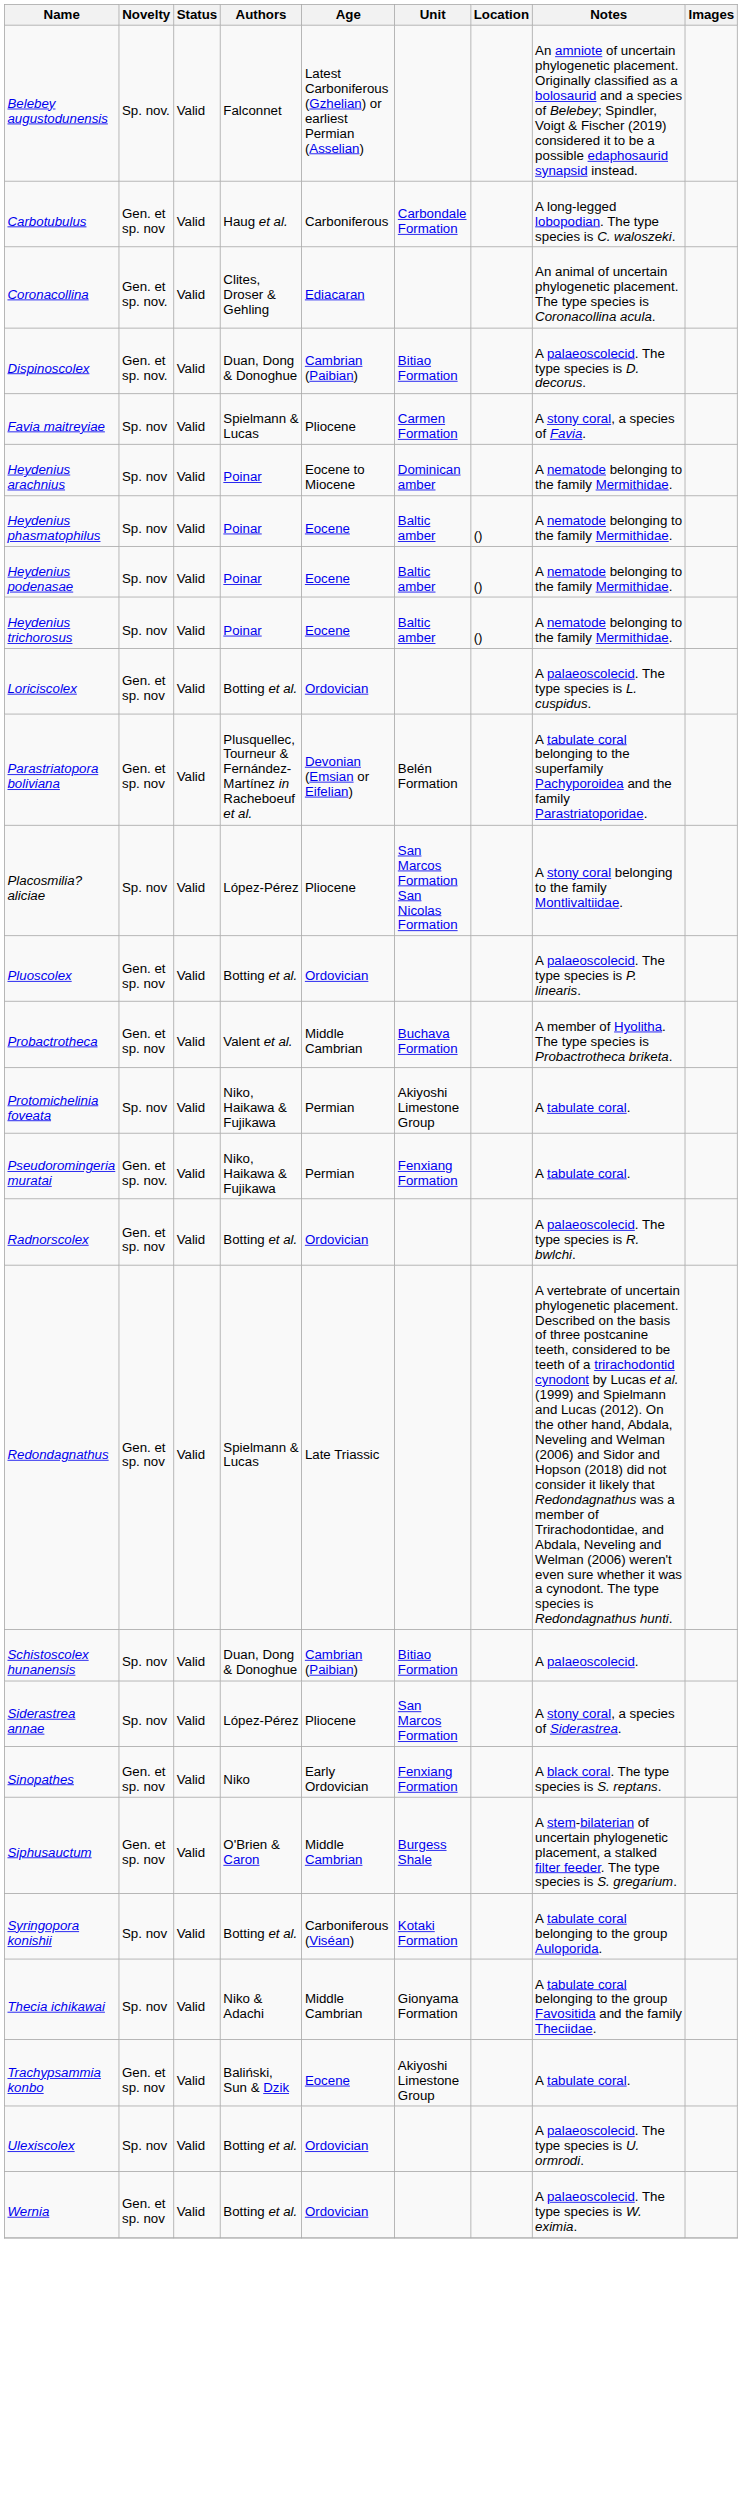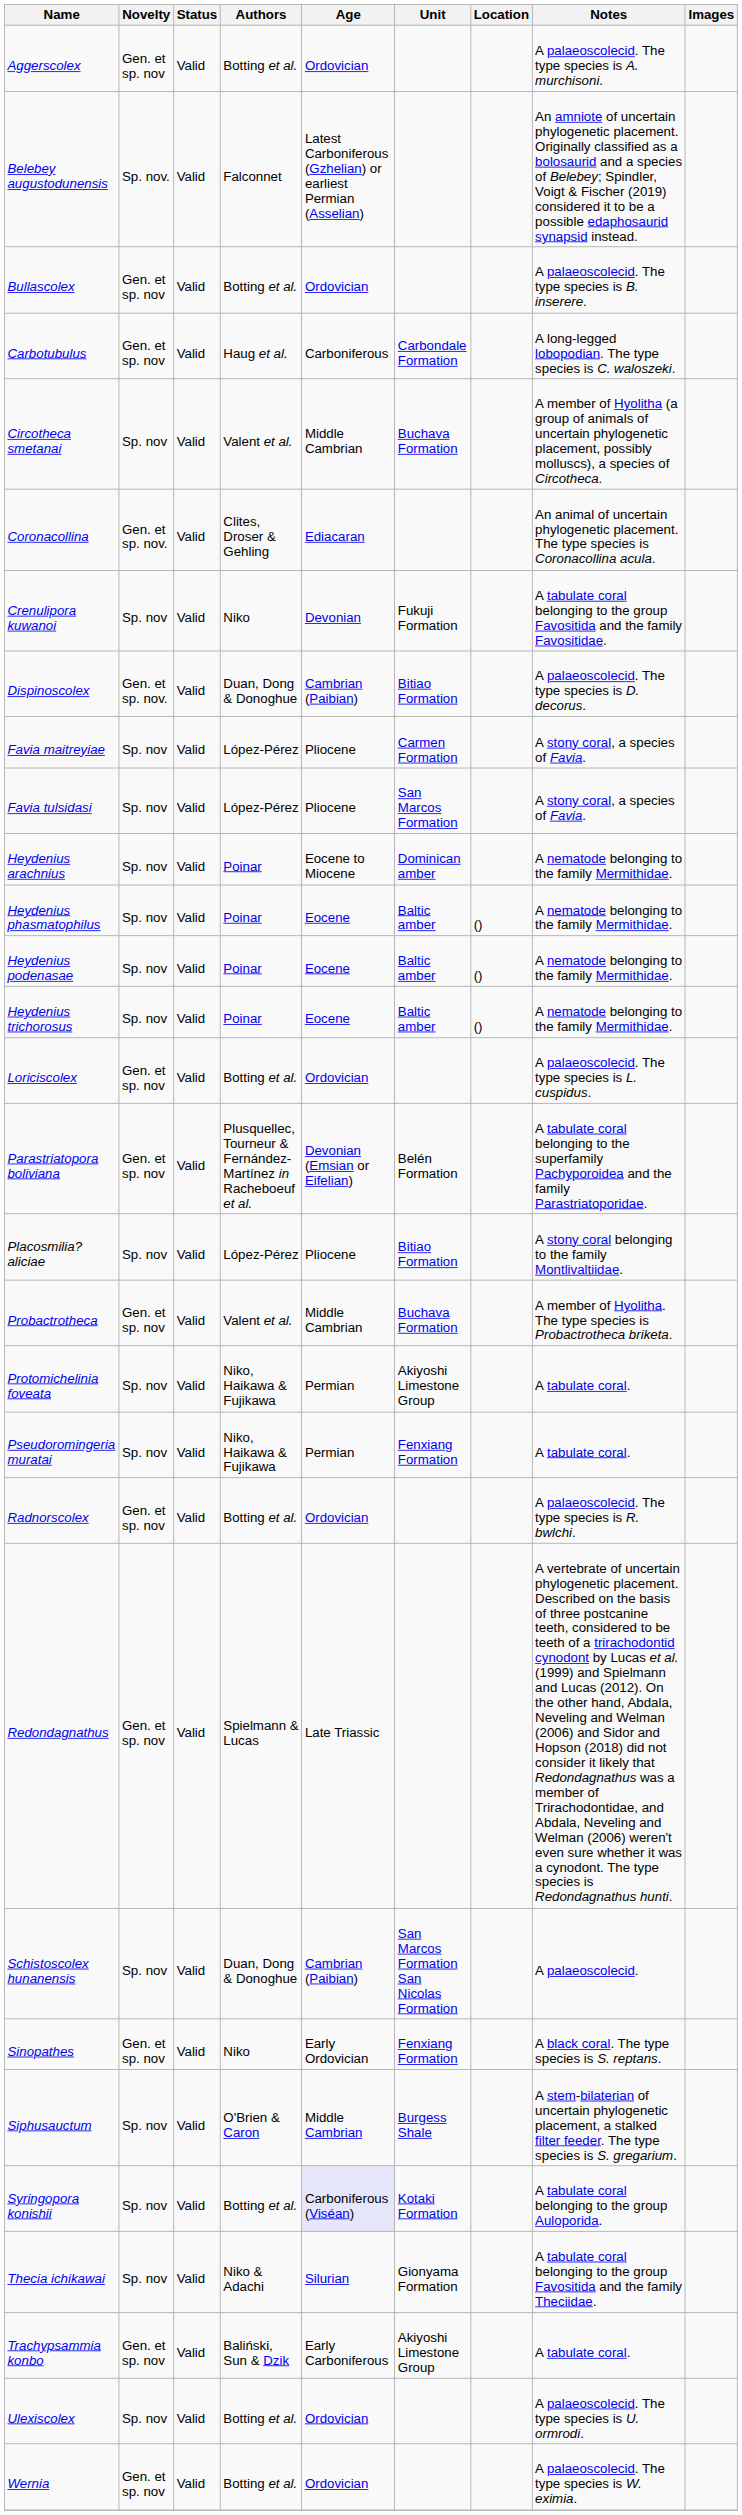 <table class="wikitable sortable" align="center" width="100%">
 <tr>
 <th>Name</th>
 <th>Novelty</th>
 <th>Status</th>
 <th>Authors</th>
 <th>Age</th>
 <th>Unit</th>
 <th>Location</th>
 <th>Notes</th>
 <th>Images</th>
 </tr>
 <tr>
+<td><br><em><a href='#'>Aggerscolex</a></em></td>
+<td><br>Gen. et sp. nov</td>
+<td><br>Valid</td>
+<td><br>Botting <em>et al.</em></td>
+<td><br><a href='#'>Ordovician</a></td>
+<td></td>
+<td><br></td>
+<td><br>A <a href='#'>palaeoscolecid</a>. The type species is <em>A. murchisoni</em>.</td>
+<td></td>
+</tr>
+<tr>
 <td><br><em><a href='#'>Belebey augustodunensis</a></em></td>
 <td><br>Sp. nov.</td>
 <td><br>Valid</td>
 <td><br>Falconnet</td>
 <td><br>Latest Carboniferous (<a href='#'>Gzhelian</a>) or earliest Permian (<a href='#'>Asselian</a>)</td>
 <td></td>
 <td><br></td>
 <td><br>An <a href='#'>amniote</a> of uncertain phylogenetic placement. Originally classified as a <a href='#'>bolosaurid</a> and a species of <em>Belebey</em>; Spindler, Voigt & Fischer (2019) considered it to be a possible <a href='#'>edaphosaurid</a> <a href='#'>synapsid</a> instead.</td>
+<td></td>
+</tr>
+<tr>
+<td><br><em><a href='#'>Bullascolex</a></em></td>
+<td><br>Gen. et sp. nov</td>
+<td><br>Valid</td>
+<td><br>Botting <em>et al.</em></td>
+<td><br><a href='#'>Ordovician</a></td>
+<td></td>
+<td><br></td>
+<td><br>A <a href='#'>palaeoscolecid</a>. The type species is <em>B. inserere</em>.</td>
 <td></td>
 </tr>
 <tr>
 <td><br><em><a href='#'>Carbotubulus</a></em></td>
 <td><br>Gen. et sp. nov</td>
 <td><br>Valid</td>
 <td><br>Haug <em>et al.</em></td>
 <td><br>Carboniferous</td>
 <td><br><a href='#'>Carbondale Formation</a></td>
 <td><br></td>
 <td><br>A long-legged <a href='#'>lobopodian</a>. The type species is <em>C. waloszeki</em>.</td>
 <td></td>
 </tr>
 <tr>
+<td><br><em><a href='#'>Circotheca smetanai</a></em></td>
+<td><br>Sp. nov</td>
+<td><br>Valid</td>
+<td><br>Valent <em>et al.</em></td>
+<td><br>Middle Cambrian</td>
+<td><br><a href='#'>Buchava Formation</a></td>
+<td><br></td>
+<td><br>A member of <a href='#'>Hyolitha</a> (a group of animals of uncertain phylogenetic placement, possibly molluscs), a species of <em>Circotheca</em>.</td>
+<td></td>
+</tr>
+<tr>
 <td><br><em><a href='#'>Coronacollina</a></em></td>
 <td><br>Gen. et sp. nov.</td>
 <td><br>Valid</td>
 <td><br>Clites, Droser & Gehling</td>
 <td><br><a href='#'>Ediacaran</a></td>
 <td></td>
 <td><br></td>
 <td><br>An animal of uncertain phylogenetic placement. The type species is <em>Coronacollina acula</em>.</td>
+<td></td>
+</tr>
+<tr>
+<td><br><em><a href='#'>Crenulipora kuwanoi</a></em></td>
+<td><br>Sp. nov</td>
+<td><br>Valid</td>
+<td><br>Niko</td>
+<td><br><a href='#'>Devonian</a></td>
+<td><br>Fukuji Formation</td>
+<td><br></td>
+<td><br>A <a href='#'>tabulate coral</a> belonging to the group <a href='#'>Favositida</a> and the family <a href='#'>Favositidae</a>.</td>
 <td></td>
 </tr>
 <tr>
 <td><br><em><a href='#'>Dispinoscolex</a></em></td>
 <td><br>Gen. et sp. nov.</td>
 <td><br>Valid</td>
 <td><br>Duan, Dong & Donoghue</td>
 <td><br><a href='#'>Cambrian</a> (<a href='#'>Paibian</a>)</td>
 <td><br><a href='#'>Bitiao Formation</a></td>
 <td><br></td>
 <td><br>A <a href='#'>palaeoscolecid</a>. The type species is <em>D. decorus</em>.</td>
 <td></td>
 </tr>
 <tr>
 <td><br><em><a href='#'>Favia maitreyiae</a></em></td>
 <td><br>Sp. nov</td>
 <td><br>Valid</td>
-<td><br>Spielmann & Lucas</td>
+<td><br>López-Pérez</td>
 <td><br>Pliocene</td>
 <td><br><a href='#'>Carmen Formation</a></td>
+<td><br></td>
+<td><br>A <a href='#'>stony coral</a>, a species of <em><a href='#'>Favia</a></em>.</td>
+<td></td>
+</tr>
+<tr>
+<td><br><em><a href='#'>Favia tulsidasi</a></em></td>
+<td><br>Sp. nov</td>
+<td><br>Valid</td>
+<td><br>López-Pérez</td>
+<td><br>Pliocene</td>
+<td><br><a href='#'>San Marcos Formation</a></td>
 <td><br></td>
 <td><br>A <a href='#'>stony coral</a>, a species of <em><a href='#'>Favia</a></em>.</td>
 <td></td>
 </tr>
 <tr>
 <td><br><em><a href='#'>Heydenius arachnius</a></em></td>
 <td><br>Sp. nov</td>
 <td><br>Valid</td>
 <td><br><a href='#'>Poinar</a></td>
 <td><br>Eocene to Miocene</td>
 <td><br><a href='#'>Dominican amber</a></td>
 <td><br></td>
 <td><br>A <a href='#'>nematode</a> belonging to the family <a href='#'>Mermithidae</a>.</td>
 <td></td>
 </tr>
 <tr>
 <td><br><em><a href='#'>Heydenius phasmatophilus</a></em></td>
 <td><br>Sp. nov</td>
 <td><br>Valid</td>
 <td><br><a href='#'>Poinar</a></td>
 <td><br><a href='#'>Eocene</a></td>
 <td><br><a href='#'>Baltic amber</a></td>
 <td><br><br>()</td>
 <td><br>A <a href='#'>nematode</a> belonging to the family <a href='#'>Mermithidae</a>.</td>
 <td></td>
 </tr>
 <tr>
 <td><br><em><a href='#'>Heydenius podenasae</a></em></td>
 <td><br>Sp. nov</td>
 <td><br>Valid</td>
 <td><br><a href='#'>Poinar</a></td>
 <td><br><a href='#'>Eocene</a></td>
 <td><br><a href='#'>Baltic amber</a></td>
 <td><br><br>()</td>
 <td><br>A <a href='#'>nematode</a> belonging to the family <a href='#'>Mermithidae</a>.</td>
 <td></td>
 </tr>
 <tr>
 <td><br><em><a href='#'>Heydenius trichorosus</a></em></td>
 <td><br>Sp. nov</td>
 <td><br>Valid</td>
 <td><br><a href='#'>Poinar</a></td>
 <td><br><a href='#'>Eocene</a></td>
 <td><br><a href='#'>Baltic amber</a></td>
 <td><br><br>()</td>
 <td><br>A <a href='#'>nematode</a> belonging to the family <a href='#'>Mermithidae</a>.</td>
 <td></td>
 </tr>
 <tr>
 <td><br><em><a href='#'>Loriciscolex</a></em></td>
 <td><br>Gen. et sp. nov</td>
 <td><br>Valid</td>
 <td><br>Botting <em>et al.</em></td>
 <td><br><a href='#'>Ordovician</a></td>
 <td></td>
 <td><br></td>
 <td><br>A <a href='#'>palaeoscolecid</a>. The type species is <em>L. cuspidus</em>.</td>
 <td></td>
 </tr>
 <tr>
 <td><br><em><a href='#'>Parastriatopora boliviana</a></em></td>
 <td><br>Gen. et sp. nov</td>
 <td><br>Valid</td>
 <td><br>Plusquellec, Tourneur & Fernández-Martínez <em>in</em> Racheboeuf <em>et al.</em></td>
 <td><br><a href='#'>Devonian</a> (<a href='#'>Emsian</a> or <a href='#'>Eifelian</a>)</td>
 <td><br>Belén Formation</td>
 <td><br></td>
 <td><br>A <a href='#'>tabulate coral</a> belonging to the superfamily <a href='#'>Pachyporoidea</a> and the family <a href='#'>Parastriatoporidae</a>.</td>
 <td></td>
 </tr>
 <tr>
 <td><br><em>Placosmilia? aliciae</em></td>
 <td><br>Sp. nov</td>
 <td><br>Valid</td>
 <td><br>López-Pérez</td>
 <td><br>Pliocene</td>
-<td><br><a href='#'>San Marcos Formation</a><br> <a href='#'>San Nicolas Formation</a></td>
+<td><br><a href='#'>Bitiao Formation</a></td>
 <td><br></td>
 <td><br>A <a href='#'>stony coral</a> belonging to the family <a href='#'>Montlivaltiidae</a>.</td>
-<td></td>
-</tr>
-<tr>
-<td><br><em><a href='#'>Pluoscolex</a></em></td>
-<td><br>Gen. et sp. nov</td>
-<td><br>Valid</td>
-<td><br>Botting <em>et al.</em></td>
-<td><br><a href='#'>Ordovician</a></td>
-<td></td>
-<td><br></td>
-<td><br>A <a href='#'>palaeoscolecid</a>. The type species is <em>P. linearis</em>.</td>
 <td></td>
 </tr>
 <tr>
 <td><br><em><a href='#'>Probactrotheca</a></em></td>
 <td><br>Gen. et sp. nov</td>
 <td><br>Valid</td>
 <td><br>Valent <em>et al.</em></td>
 <td><br>Middle Cambrian</td>
 <td><br><a href='#'>Buchava Formation</a></td>
 <td><br></td>
 <td><br>A member of <a href='#'>Hyolitha</a>. The type species is <em>Probactrotheca briketa</em>.</td>
 <td></td>
 </tr>
 <tr>
 <td><br><em><a href='#'>Protomichelinia foveata</a></em></td>
 <td><br>Sp. nov</td>
 <td><br>Valid</td>
 <td><br>Niko, Haikawa & Fujikawa</td>
 <td><br>Permian</td>
 <td><br>Akiyoshi Limestone Group</td>
 <td><br></td>
 <td><br>A <a href='#'>tabulate coral</a>.</td>
 <td></td>
 </tr>
 <tr>
 <td><br><em><a href='#'>Pseudoromingeria muratai</a></em></td>
-<td><br>Gen. et sp. nov.</td>
+<td><br>Sp. nov</td>
 <td><br>Valid</td>
 <td><br>Niko, Haikawa & Fujikawa</td>
 <td><br>Permian</td>
 <td><br><a href='#'>Fenxiang Formation</a></td>
 <td><br></td>
 <td><br>A <a href='#'>tabulate coral</a>.</td>
 <td></td>
 </tr>
 <tr>
 <td><br><em><a href='#'>Radnorscolex</a></em></td>
 <td><br>Gen. et sp. nov</td>
 <td><br>Valid</td>
 <td><br>Botting <em>et al.</em></td>
 <td><br><a href='#'>Ordovician</a></td>
 <td></td>
 <td><br></td>
 <td><br>A <a href='#'>palaeoscolecid</a>. The type species is <em>R. bwlchi</em>.</td>
 <td></td>
 </tr>
 <tr>
 <td><br><em><a href='#'>Redondagnathus</a></em></td>
 <td><br>Gen. et sp. nov</td>
 <td><br>Valid</td>
 <td><br>Spielmann & Lucas</td>
 <td><br>Late Triassic</td>
 <td></td>
 <td><br></td>
 <td><br>A vertebrate of uncertain phylogenetic placement. Described on the basis of three postcanine teeth, considered to be teeth of a <a href='#'>trirachodontid</a> <a href='#'>cynodont</a> by Lucas <em>et al.</em> (1999) and Spielmann and Lucas (2012). On the other hand, Abdala, Neveling and Welman (2006) and Sidor and Hopson (2018) did not consider it likely that <em>Redondagnathus</em> was a member of Trirachodontidae, and Abdala, Neveling and Welman (2006) weren't even sure whether it was a cynodont. The type species is <em>Redondagnathus hunti</em>.</td>
 <td></td>
 </tr>
 <tr>
 <td><br><em><a href='#'>Schistoscolex hunanensis</a></em></td>
 <td><br>Sp. nov</td>
 <td><br>Valid</td>
 <td><br>Duan, Dong & Donoghue</td>
 <td><br><a href='#'>Cambrian</a> (<a href='#'>Paibian</a>)</td>
-<td><br><a href='#'>Bitiao Formation</a></td>
+<td><br><a href='#'>San Marcos Formation</a><br> <a href='#'>San Nicolas Formation</a></td>
 <td><br></td>
 <td><br>A <a href='#'>palaeoscolecid</a>.</td>
-<td></td>
-</tr>
-<tr>
-<td><br><em><a href='#'>Siderastrea annae</a></em></td>
-<td><br>Sp. nov</td>
-<td><br>Valid</td>
-<td><br>López-Pérez</td>
-<td><br>Pliocene</td>
-<td><br><a href='#'>San Marcos Formation</a></td>
-<td><br></td>
-<td><br>A <a href='#'>stony coral</a>, a species of <em><a href='#'>Siderastrea</a></em>.</td>
 <td></td>
 </tr>
 <tr>
 <td><br><em><a href='#'>Sinopathes</a></em></td>
 <td><br>Gen. et sp. nov</td>
 <td><br>Valid</td>
 <td><br>Niko</td>
 <td><br>Early Ordovician</td>
 <td><br><a href='#'>Fenxiang Formation</a></td>
 <td><br></td>
 <td><br>A <a href='#'>black coral</a>. The type species is <em>S. reptans</em>.</td>
 <td></td>
 </tr>
 <tr>
 <td><br><em><a href='#'>Siphusauctum</a></em></td>
-<td><br>Gen. et sp. nov</td>
+<td><br>Sp. nov</td>
 <td><br>Valid</td>
 <td><br>O'Brien & <a href='#'>Caron</a></td>
 <td><br>Middle <a href='#'>Cambrian</a></td>
 <td><br><a href='#'>Burgess Shale</a></td>
 <td><br></td>
 <td><br>A <a href='#'>stem</a>-<a href='#'>bilaterian</a> of uncertain phylogenetic placement, a stalked <a href='#'>filter feeder</a>. The type species is <em>S. gregarium</em>.</td>
 <td></td>
 </tr>
 <tr>
 <td><br><em><a href='#'>Syringopora konishii</a></em></td>
 <td><br>Sp. nov</td>
 <td><br>Valid</td>
 <td><br>Botting <em>et al.</em></td>
-<td><br>Carboniferous (<a href='#'>Viséan</a>)</td>
+<td style="background: lavender;"><br>Carboniferous (<a href='#'>Viséan</a>)</td>
 <td><br><a href='#'>Kotaki Formation</a></td>
 <td><br></td>
 <td><br>A <a href='#'>tabulate coral</a> belonging to the group <a href='#'>Auloporida</a>.</td>
 <td></td>
 </tr>
 <tr>
 <td><br><em><a href='#'>Thecia ichikawai</a></em></td>
 <td><br>Sp. nov</td>
 <td><br>Valid</td>
 <td><br>Niko & Adachi</td>
-<td><br>Middle Cambrian</td>
+<td><br><a href='#'>Silurian</a></td>
 <td><br>Gionyama Formation</td>
 <td><br></td>
 <td><br>A <a href='#'>tabulate coral</a> belonging to the group <a href='#'>Favositida</a> and the family <a href='#'>Theciidae</a>.</td>
 <td></td>
 </tr>
 <tr>
 <td><br><em><a href='#'>Trachypsammia konbo</a></em></td>
 <td><br>Gen. et sp. nov</td>
 <td><br>Valid</td>
 <td><br>Baliński, Sun & <a href='#'>Dzik</a></td>
-<td><br><a href='#'>Eocene</a></td>
+<td><br>Early Carboniferous</td>
 <td><br>Akiyoshi Limestone Group</td>
 <td><br></td>
 <td><br>A <a href='#'>tabulate coral</a>.</td>
 <td></td>
 </tr>
 <tr>
 <td><br><em><a href='#'>Ulexiscolex</a></em></td>
 <td><br>Sp. nov</td>
 <td><br>Valid</td>
 <td><br>Botting <em>et al.</em></td>
 <td><br><a href='#'>Ordovician</a></td>
 <td></td>
 <td><br></td>
 <td><br>A <a href='#'>palaeoscolecid</a>. The type species is <em>U. ormrodi</em>.</td>
 <td></td>
 </tr>
 <tr>
 <td><br><em><a href='#'>Wernia</a></em></td>
 <td><br>Gen. et sp. nov</td>
 <td><br>Valid</td>
 <td><br>Botting <em>et al.</em></td>
 <td><br><a href='#'>Ordovician</a></td>
 <td></td>
 <td><br></td>
 <td><br>A <a href='#'>palaeoscolecid</a>. The type species is <em>W. eximia</em>.</td>
 <td></td>
 </tr>
 <tr>
 </tr>
 </table>
